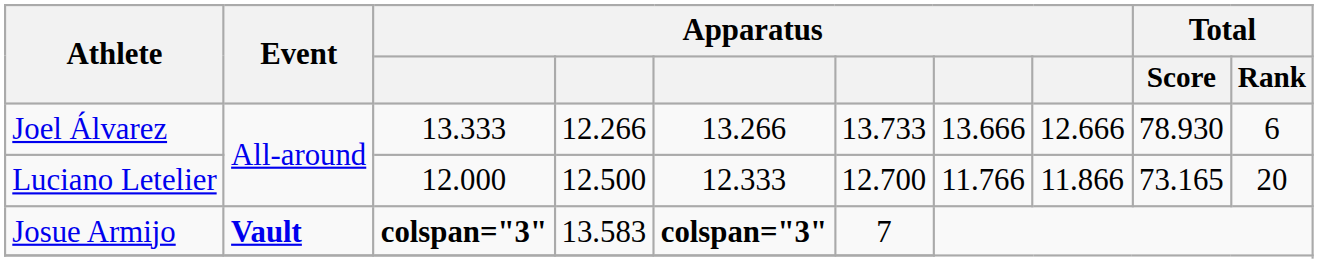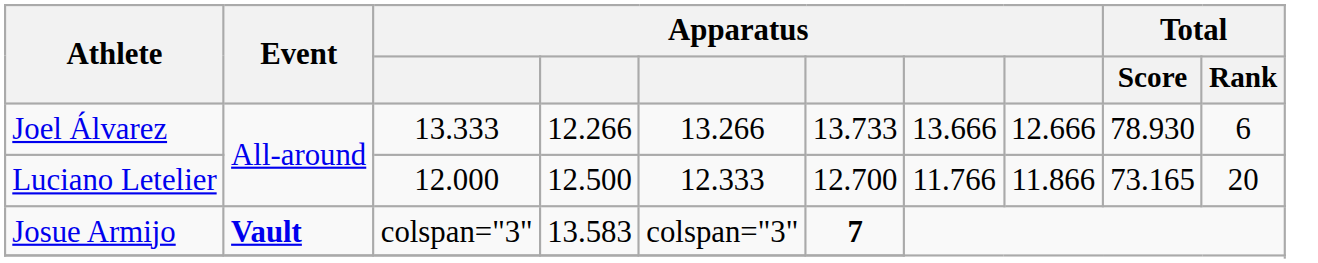 <table class=wikitable style=font-size:90%;text-align:center>
 <tr>
 <th rowspan=2>Athlete</th>
 <th rowspan=2>Event</th>
 <th colspan=6>Apparatus</th>
 <th colspan=2>Total</th>
 </tr>
 <tr style=font-size:95%>
 <th></th>
 <th></th>
 <th></th>
 <th></th>
 <th></th>
 <th></th>
 <th>Score</th>
 <th>Rank</th>
 </tr>
 <tr>
 <td align=left><a href='#'>Joel Álvarez</a></td>
 <td align=left rowspan=2><a href='#'>All-around</a></td>
 <td>13.333</td>
 <td>12.266</td>
 <td>13.266</td>
 <td>13.733</td>
 <td>13.666</td>
 <td>12.666</td>
 <td>78.930</td>
 <td>6</td>
 </tr>
 <tr>
 <td align=left><a href='#'>Luciano Letelier</a></td>
 <td>12.000</td>
 <td>12.500</td>
 <td>12.333</td>
 <td>12.700</td>
 <td>11.766</td>
 <td>11.866</td>
 <td>73.165</td>
 <td>20</td>
 </tr>
 <tr>
 <td align=left><a href='#'>Josue Armijo</a></td>
 <td align=left><strong><a href='#'>Vault</a></strong></td>
-<td><strong>colspan="3" </strong></td>
+<td>colspan="3" </td>
 <td>13.583</td>
-<td><strong>colspan="3" </strong></td>
-<td>7</td>
+<td>colspan="3" </td>
+<td><strong>7</strong></td>
 </tr>
 <tr>
 </tr>
 </table>
